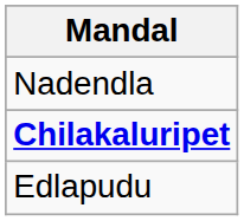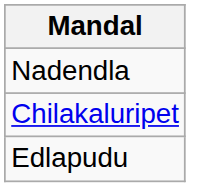 <table class="wikitable sortable static-row-numbers static-row-header-hash">
 <tr>
 <th>Mandal</th>
 </tr>
 <tr>
 <td>Nadendla</td>
 </tr>
 <tr>
-<td><strong><a href='#'>Chilakaluripet</a></strong></td>
+<td><a href='#'>Chilakaluripet</a></td>
 </tr>
 <tr>
 <td>Edlapudu</td>
 </tr>
 </table>
